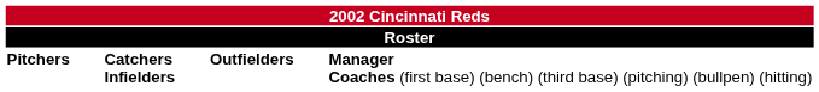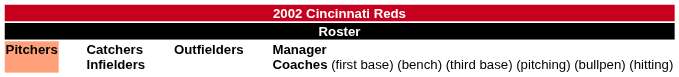 <table class="toccolours" style="font-size: 95%;">
 <tr>
 <th colspan="10" style="background-color: #c6011f; color: #FFFFFF; text-align: center;">2002 Cincinnati Reds</th>
 </tr>
 <tr>
 <td colspan="10" style="background-color: black; color: #FFFFFF; text-align: center;"><strong>Roster</strong></td>
 </tr>
 <tr>
-<td valign="top"><strong>Pitchers</strong><br>                    </td>
+<td valign="top" style="background: lightsalmon;"><strong>Pitchers</strong><br>                    </td>
 <td width="25px"></td>
 <td valign="top"><strong>Catchers</strong><br>   <strong>Infielders</strong>        </td>
 <td width="25px"></td>
 <td valign="top"><strong>Outfielders</strong><br>          </td>
 <td width="25px"></td>
 <td valign="top"><strong>Manager</strong><br> <strong>Coaches</strong>  (first base) (bench)  (third base)  (pitching)  (bullpen)  (hitting)</td>
 </tr>
 </table>
